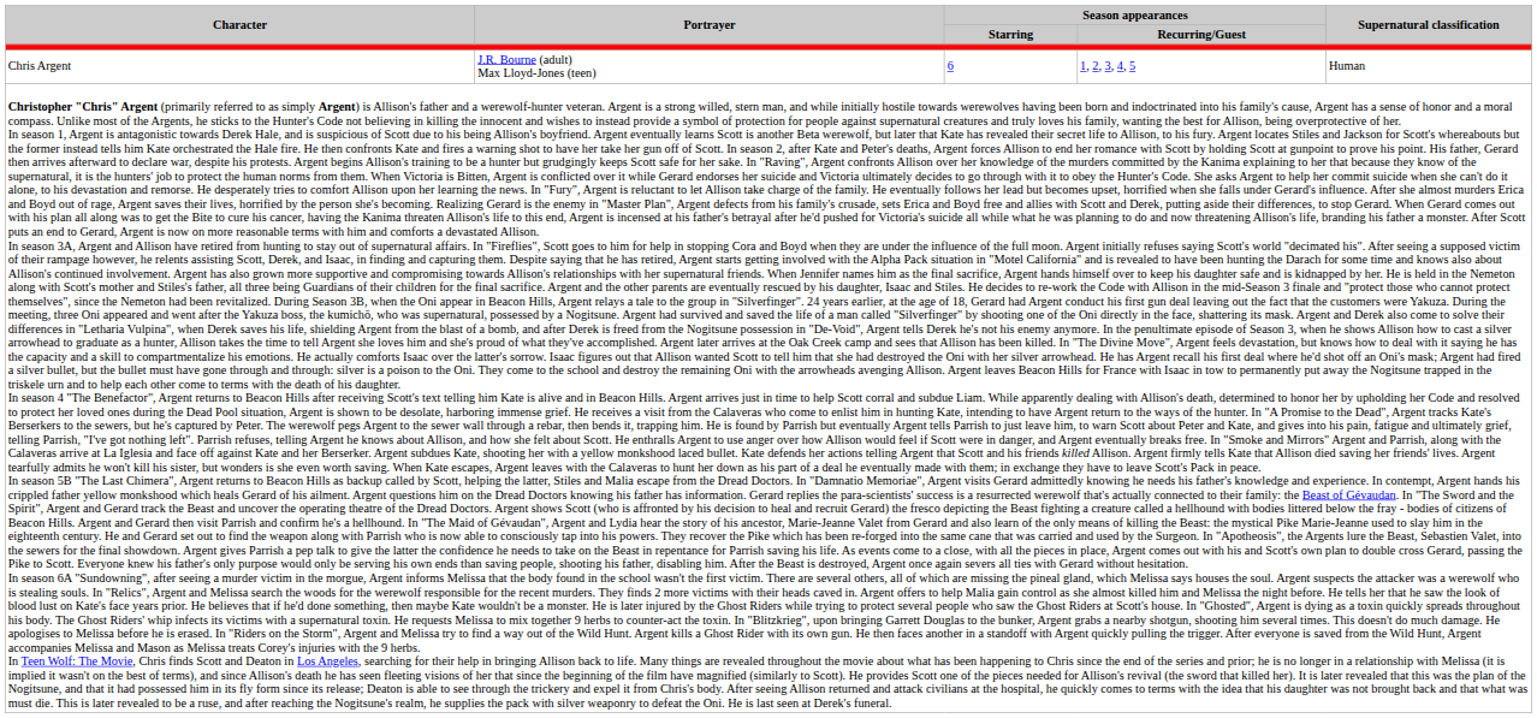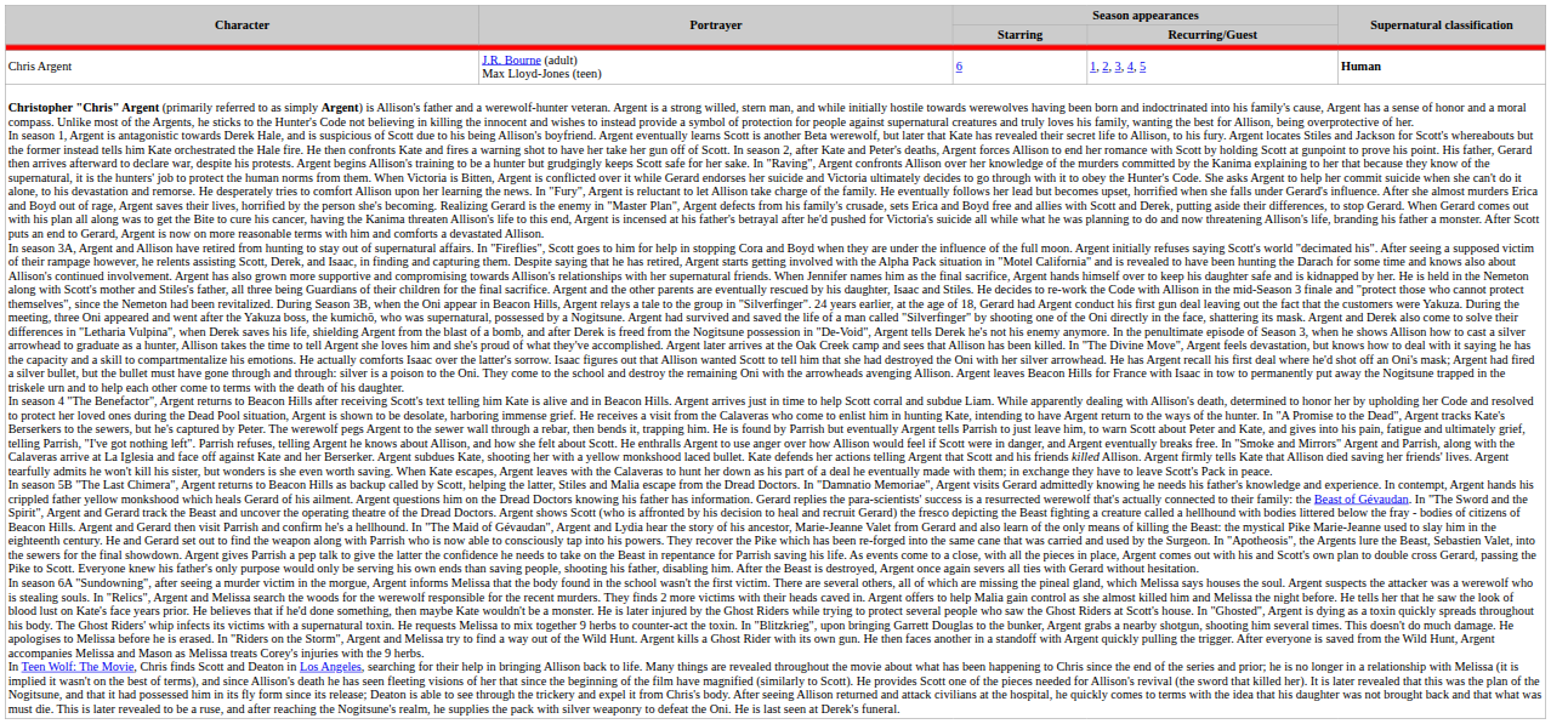 <table class="wikitable sortable" style="width:100%; margin-right:auto; background:#fff;">
 <tr style="color:black">
 <th rowspan="2" style="background:#ccc; width:16%;">Character</th>
 <th rowspan="2" style="background:#ccc; width:16%;">Portrayer</th>
 <th colspan="2" style="background:#ccc; width:13%;">Season appearances</th>
 <th rowspan="2" style="background:#ccc; width:7%;">Supernatural classification</th>
 </tr>
 <tr>
 <th style="background:#ccc;">Starring</th>
 <th style="background:#ccc;">Recurring/Guest</th>
 </tr>
 <tr>
 <td colspan="5" style="background:red;"></td>
 </tr>
 <tr>
 <td id="Chris">Chris Argent</td>
 <td><a href='#'>J.R. Bourne</a> (adult)<br>Max Lloyd-Jones (teen)</td>
 <td><a href='#'>6</a></td>
 <td><a href='#'>1</a>, <a href='#'>2</a>, <a href='#'>3</a>, <a href='#'>4</a>, <a href='#'>5</a></td>
-<td>Human</td>
+<td><strong>Human</strong></td>
 </tr>
 <tr>
 <td colspan=5><br><strong>Christopher "Chris" Argent</strong> (primarily referred to as simply <strong>Argent</strong>) is Allison's father and a werewolf-hunter veteran. Argent is a strong willed, stern man, and while initially hostile towards werewolves having been born and indoctrinated into his family's cause, Argent has a sense of honor and a moral compass. Unlike most of the Argents, he sticks to the Hunter's Code not believing in killing the innocent and wishes to instead provide a symbol of protection for people against supernatural creatures and truly loves his family, wanting the best for Allison, being overprotective of her.<br>In season 1, Argent is antagonistic towards Derek Hale, and is suspicious of Scott due to his being Allison's boyfriend. Argent eventually learns Scott is another Beta werewolf, but later that Kate has revealed their secret life to Allison, to his fury. Argent locates Stiles and Jackson for Scott's whereabouts but the former instead tells him Kate orchestrated the Hale fire. He then confronts Kate and fires a warning shot to have her take her gun off of Scott. In season 2, after Kate and Peter's deaths, Argent forces Allison to end her romance with Scott by holding Scott at gunpoint to prove his point. His father, Gerard then arrives afterward to declare war, despite his protests. Argent begins Allison's training to be a hunter but grudgingly keeps Scott safe for her sake. In "Raving", Argent confronts Allison over her knowledge of the murders committed by the Kanima explaining to her that because they know of the supernatural, it is the hunters' job to protect the human norms from them. When Victoria is Bitten, Argent is conflicted over it while Gerard endorses her suicide and Victoria ultimately decides to go through with it to obey the Hunter's Code. She asks Argent to help her commit suicide when she can't do it alone, to his devastation and remorse. He desperately tries to comfort Allison upon her learning the news. In "Fury", Argent is reluctant to let Allison take charge of the family. He eventually follows her lead but becomes upset, horrified when she falls under Gerard's influence. After she almost murders Erica and Boyd out of rage, Argent saves their lives, horrified by the person she's becoming. Realizing Gerard is the enemy in "Master Plan", Argent defects from his family's crusade, sets Erica and Boyd free and allies with Scott and Derek, putting aside their differences, to stop Gerard. When Gerard comes out with his plan all along was to get the Bite to cure his cancer, having the Kanima threaten Allison's life to this end, Argent is incensed at his father's betrayal after he'd pushed for Victoria's suicide all while what he was planning to do and now threatening Allison's life, branding his father a monster. After Scott puts an end to Gerard, Argent is now on more reasonable terms with him and comforts a devastated Allison.<br>In season 3A, Argent and Allison have retired from hunting to stay out of supernatural affairs. In "Fireflies", Scott goes to him for help in stopping Cora and Boyd when they are under the influence of the full moon. Argent initially refuses saying Scott's world "decimated his". After seeing a supposed victim of their rampage however, he relents assisting Scott, Derek, and Isaac, in finding and capturing them. Despite saying that he has retired, Argent starts getting involved with the Alpha Pack situation in "Motel California" and is revealed to have been hunting the Darach for some time and knows also about Allison's continued involvement. Argent has also grown more supportive and compromising towards Allison's relationships with her supernatural friends. When Jennifer names him as the final sacrifice, Argent hands himself over to keep his daughter safe and is kidnapped by her. He is held in the Nemeton along with Scott's mother and Stiles's father, all three being Guardians of their children for the final sacrifice. Argent and the other parents are eventually rescued by his daughter, Isaac and Stiles. He decides to re-work the Code with Allison in the mid-Season 3 finale and "protect those who cannot protect themselves", since the Nemeton had been revitalized. During Season 3B, when the Oni appear in Beacon Hills, Argent relays a tale to the group in "Silverfinger". 24 years earlier, at the age of 18, Gerard had Argent conduct his first gun deal leaving out the fact that the customers were Yakuza. During the meeting, three Oni appeared and went after the Yakuza boss, the kumichō, who was supernatural, possessed by a Nogitsune. Argent had survived and saved the life of a man called "Silverfinger" by shooting one of the Oni directly in the face, shattering its mask. Argent and Derek also come to solve their differences in "Letharia Vulpina", when Derek saves his life, shielding Argent from the blast of a bomb, and after Derek is freed from the Nogitsune possession in "De-Void", Argent tells Derek he's not his enemy anymore. In the penultimate episode of Season 3, when he shows Allison how to cast a silver arrowhead to graduate as a hunter, Allison takes the time to tell Argent she loves him and she's proud of what they've accomplished. Argent later arrives at the Oak Creek camp and sees that Allison has been killed. In "The Divine Move", Argent feels devastation, but knows how to deal with it saying he has the capacity and a skill to compartmentalize his emotions. He actually comforts Isaac over the latter's sorrow. Isaac figures out that Allison wanted Scott to tell him that she had destroyed the Oni with her silver arrowhead. He has Argent recall his first deal where he'd shot off an Oni's mask; Argent had fired a silver bullet, but the bullet must have gone through and through: silver is a poison to the Oni. They come to the school and destroy the remaining Oni with the arrowheads avenging Allison. Argent leaves Beacon Hills for France with Isaac in tow to permanently put away the Nogitsune trapped in the triskele urn and to help each other come to terms with the death of his daughter.<br>In season 4 "The Benefactor", Argent returns to Beacon Hills after receiving Scott's text telling him Kate is alive and in Beacon Hills. Argent arrives just in time to help Scott corral and subdue Liam. While apparently dealing with Allison's death, determined to honor her by upholding her Code and resolved to protect her loved ones during the Dead Pool situation, Argent is shown to be desolate, harboring immense grief. He receives a visit from the Calaveras who come to enlist him in hunting Kate, intending to have Argent return to the ways of the hunter. In "A Promise to the Dead", Argent tracks Kate's Berserkers to the sewers, but he's captured by Peter. The werewolf pegs Argent to the sewer wall through a rebar, then bends it, trapping him. He is found by Parrish but eventually Argent tells Parrish to just leave him, to warn Scott about Peter and Kate, and gives into his pain, fatigue and ultimately grief, telling Parrish, "I've got nothing left". Parrish refuses, telling Argent he knows about Allison, and how she felt about Scott. He enthralls Argent to use anger over how Allison would feel if Scott were in danger, and Argent eventually breaks free. In "Smoke and Mirrors" Argent and Parrish, along with the Calaveras arrive at La Iglesia and face off against Kate and her Berserker. Argent subdues Kate, shooting her with a yellow monkshood laced bullet. Kate defends her actions telling Argent that Scott and his friends <em>killed</em> Allison. Argent firmly tells Kate that Allison died saving her friends' lives. Argent tearfully admits he won't kill his sister, but wonders is she even worth saving. When Kate escapes, Argent leaves with the Calaveras to hunt her down as his part of a deal he eventually made with them; in exchange they have to leave Scott's Pack in peace.<br>In season 5B "The Last Chimera", Argent returns to Beacon Hills as backup called by Scott, helping the latter, Stiles and Malia escape from the Dread Doctors. In "Damnatio Memoriae", Argent visits Gerard admittedly knowing he needs his father's knowledge and experience. In contempt, Argent hands his crippled father yellow monkshood which heals Gerard of his ailment. Argent questions him on the Dread Doctors knowing his father has information. Gerard replies the para-scientists' success is a resurrected werewolf that's actually connected to their family: the <a href='#'>Beast of Gévaudan</a>. In "The Sword and the Spirit", Argent and Gerard track the Beast and uncover the operating theatre of the Dread Doctors. Argent shows Scott (who is affronted by his decision to heal and recruit Gerard) the fresco depicting the Beast fighting a creature called a hellhound with bodies littered below the fray - bodies of citizens of Beacon Hills. Argent and Gerard then visit Parrish and confirm he's a hellhound. In "The Maid of Gévaudan", Argent and Lydia hear the story of his ancestor, Marie-Jeanne Valet from Gerard and also learn of the only means of killing the Beast: the mystical Pike Marie-Jeanne used to slay him in the eighteenth century. He and Gerard set out to find the weapon along with Parrish who is now able to consciously tap into his powers. They recover the Pike which has been re-forged into the same cane that was carried and used by the Surgeon. In "Apotheosis", the Argents lure the Beast, Sebastien Valet, into the sewers for the final showdown. Argent gives Parrish a pep talk to give the latter the confidence he needs to take on the Beast in repentance for Parrish saving his life. As events come to a close, with all the pieces in place, Argent comes out with his and Scott's own plan to double cross Gerard, passing the Pike to Scott. Everyone knew his father's only purpose would only be serving his own ends than saving people, shooting his father, disabling him. After the Beast is destroyed, Argent once again severs all ties with Gerard without hesitation.<br>In season 6A "Sundowning", after seeing a murder victim in the morgue, Argent informs Melissa that the body found in the school wasn't the first victim. There are several others, all of which are missing the pineal gland, which Melissa says houses the soul. Argent suspects the attacker was a werewolf who is stealing souls. In "Relics", Argent and Melissa search the woods for the werewolf responsible for the recent murders. They finds 2 more victims with their heads caved in. Argent offers to help Malia gain control as she almost killed him and Melissa the night before. He tells her that he saw the look of blood lust on Kate's face years prior. He believes that if he'd done something, then maybe Kate wouldn't be a monster. He is later injured by the Ghost Riders while trying to protect several people who saw the Ghost Riders at Scott's house. In "Ghosted", Argent is dying as a toxin quickly spreads throughout his body. The Ghost Riders' whip infects its victims with a supernatural toxin. He requests Melissa to mix together 9 herbs to counter-act the toxin. In "Blitzkrieg", upon bringing Garrett Douglas to the bunker, Argent grabs a nearby shotgun, shooting him several times. This doesn't do much damage. He apologises to Melissa before he is erased. In "Riders on the Storm", Argent and Melissa try to find a way out of the Wild Hunt. Argent kills a Ghost Rider with its own gun. He then faces another in a standoff with Argent quickly pulling the trigger. After everyone is saved from the Wild Hunt, Argent accompanies Melissa and Mason as Melissa treats Corey's injuries with the 9 herbs.<br>In <a href='#'>Teen Wolf: The Movie</a>, Chris finds Scott and Deaton in <a href='#'>Los Angeles</a>, searching for their help in bringing Allison back to life. Many things are revealed throughout the movie about what has been happening to Chris since the end of the series and prior; he is no longer in a relationship with Melissa (it is implied it wasn't on the best of terms), and since Allison's death he has seen fleeting visions of her that since the beginning of the film have magnified (similarly to Scott). He provides Scott one of the pieces needed for Allison's revival (the sword that killed her). It is later revealed that this was the plan of the Nogitsune, and that it had possessed him in its fly form since its release; Deaton is able to see through the trickery and expel it from Chris's body. After seeing Allison returned and attack civilians at the hospital, he quickly comes to terms with the idea that his daughter was not brought back and that what was must die. This is later revealed to be a ruse, and after reaching the Nogitsune's realm, he supplies the pack with silver weaponry to defeat the Oni. He is last seen at Derek's funeral.</td>
 </tr>
 </table>
